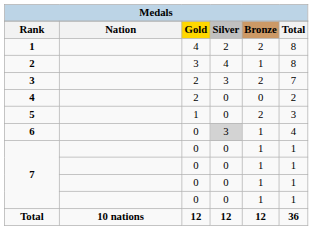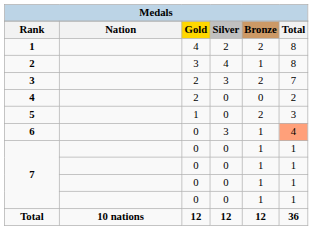 <table class="wikitable" style="text-align:center">
 <tr>
 <td colspan="6" style="background:#BCD4E6"><strong>Medals</strong></td>
 </tr>
 <tr>
 </tr>
 <tr style="background-color:#EDEDED;">
 <th width="75px" class="hintergrundfarbe5">Rank</th>
 <th width="175px" class="hintergrundfarbe6">Nation</th>
 <th style="background:    gold; width:35px ">Gold</th>
 <th style="background:  silver; width:35px ">Silver</th>
 <th style="background: #CC9966; width:35px ">Bronze</th>
 <th width="35px">Total</th>
 </tr>
 <tr>
 <td><strong>1</strong></td>
 <td align=left></td>
 <td>4</td>
 <td>2</td>
 <td>2</td>
 <td>8</td>
 </tr>
 <tr>
 <td><strong>2</strong></td>
 <td align=left></td>
 <td>3</td>
 <td>4</td>
 <td>1</td>
 <td>8</td>
 </tr>
 <tr>
 <td><strong>3</strong></td>
 <td align=left></td>
 <td>2</td>
 <td>3</td>
 <td>2</td>
 <td>7</td>
 </tr>
 <tr>
 <td><strong>4</strong></td>
 <td align=left></td>
 <td>2</td>
 <td>0</td>
 <td>0</td>
 <td>2</td>
 </tr>
 <tr>
 <td><strong>5</strong></td>
 <td align=left></td>
 <td>1</td>
 <td>0</td>
 <td>2</td>
 <td>3</td>
 </tr>
 <tr>
 <td><strong>6</strong></td>
 <td align=left></td>
 <td>0</td>
-<td style="background: lightgrey;">3</td>
+<td>3</td>
 <td>1</td>
-<td>4</td>
+<td style="background: lightsalmon;">4</td>
 </tr>
 <tr>
 <td rowspan=4><strong>7</strong></td>
 <td align=left></td>
 <td>0</td>
 <td>0</td>
 <td>1</td>
 <td>1</td>
 </tr>
 <tr>
 <td align=left></td>
 <td>0</td>
 <td>0</td>
 <td>1</td>
 <td>1</td>
 </tr>
 <tr>
 <td align=left></td>
 <td>0</td>
 <td>0</td>
 <td>1</td>
 <td>1</td>
 </tr>
 <tr>
 <td align=left></td>
 <td>0</td>
 <td>0</td>
 <td>1</td>
 <td>1</td>
 </tr>
 <tr>
 <td><strong>Total</strong></td>
 <td><strong>10 nations</strong></td>
 <td><strong>12</strong></td>
 <td><strong>12</strong></td>
 <td><strong>12</strong></td>
 <td><strong>36</strong></td>
 </tr>
 </table>
